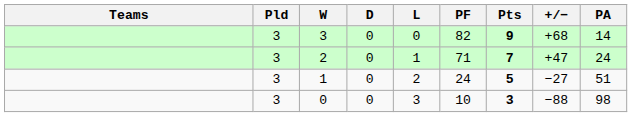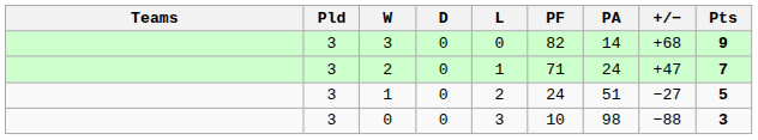 <table class="wikitable" style="text-align: center;">
 <tr>
 <th width="240">Teams</th>
 <th width="40">Pld</th>
 <th width="40">W</th>
 <th width="40">D</th>
 <th width="40">L</th>
 <th width="40">PF</th>
+<th width="40">PA</th>
+<th width="40">+/−</th>
 <th width="40">Pts</th>
-<th width="40">+/−</th>
-<th width="40">PA</th>
 </tr>
 <tr style="background-color:#ccffcc;">
 <td align=left></td>
 <td>3</td>
 <td>3</td>
 <td>0</td>
 <td>0</td>
 <td>82</td>
+<td>14</td>
+<td>+68</td>
 <td><strong>9</strong></td>
-<td>+68</td>
-<td>14</td>
 </tr>
 <tr style="background-color:#ccffcc;">
 <td align=left></td>
 <td>3</td>
 <td>2</td>
 <td>0</td>
 <td>1</td>
 <td>71</td>
+<td>24</td>
+<td>+47</td>
 <td><strong>7</strong></td>
-<td>+47</td>
-<td>24</td>
 </tr>
 <tr>
 <td align=left></td>
 <td>3</td>
 <td>1</td>
 <td>0</td>
 <td>2</td>
 <td>24</td>
+<td>51</td>
+<td>−27</td>
 <td><strong>5</strong></td>
-<td>−27</td>
-<td>51</td>
 </tr>
 <tr>
 <td align=left></td>
 <td>3</td>
 <td>0</td>
 <td>0</td>
 <td>3</td>
 <td>10</td>
+<td>98</td>
+<td>−88</td>
 <td><strong>3</strong></td>
-<td>−88</td>
-<td>98</td>
 </tr>
 </table>
